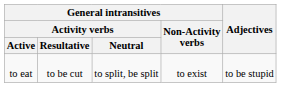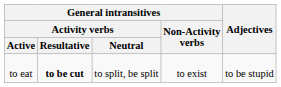 <table class="wikitable" style="text-align:center;">
 <tr>
 <th colspan="4">General intransitives</th>
 <th rowspan="3">Adjectives</th>
 </tr>
 <tr>
 <th colspan="3">Activity verbs</th>
 <th rowspan="2">Non-Activity<br>verbs</th>
 </tr>
 <tr>
 <th>Active</th>
 <th>Resultative</th>
 <th>Neutral</th>
 </tr>
 <tr>
 <td><br>to eat</td>
-<td><br>to be cut</td>
+<td><strong><br>to be cut</strong></td>
 <td><br>to split, be split</td>
 <td><br>to exist</td>
 <td><br>to be stupid</td>
 </tr>
 </table>
